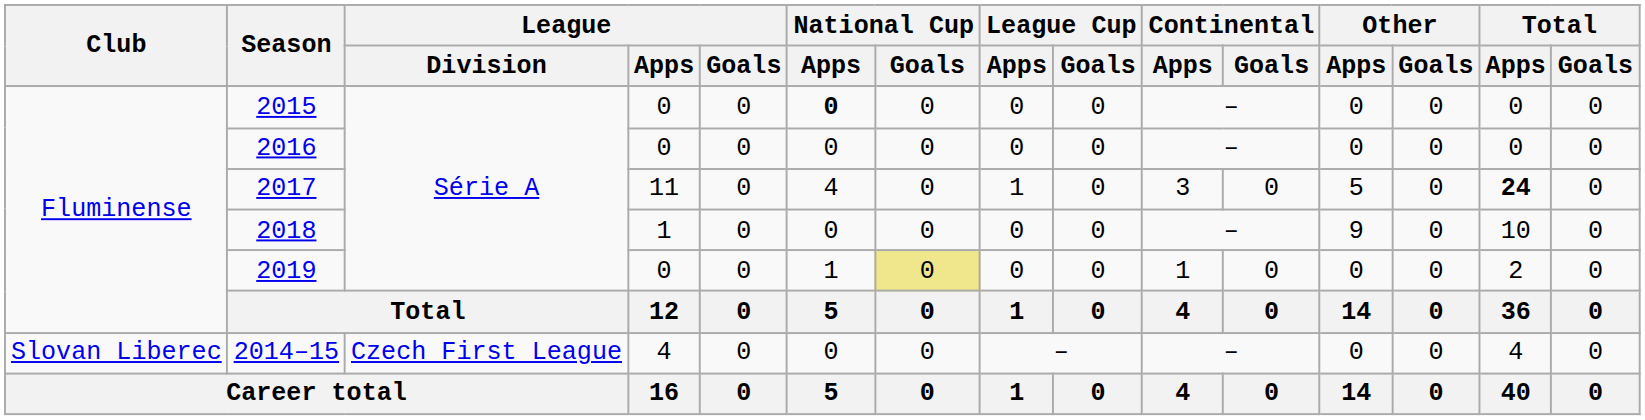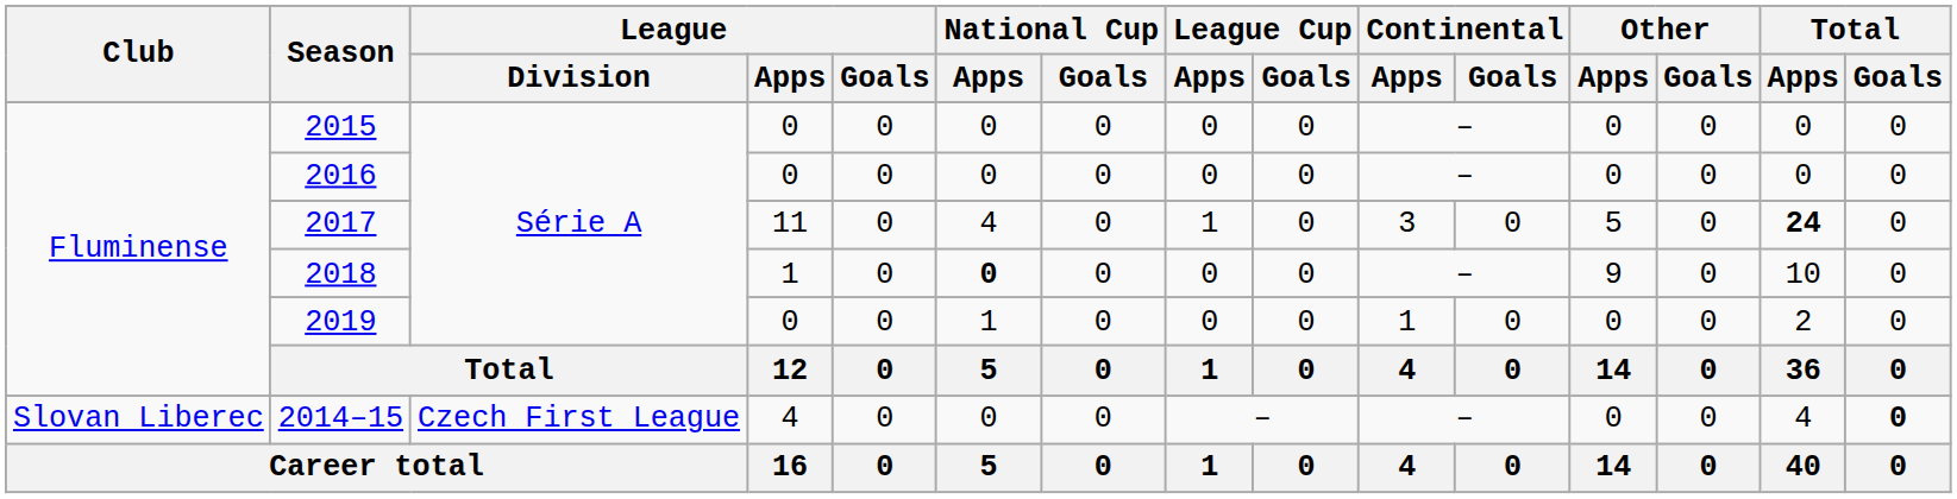 <table class="wikitable" style="text-align: center">
 <tr>
 <th rowspan="2">Club</th>
 <th rowspan="2">Season</th>
 <th colspan="3">League</th>
 <th colspan="2">National Cup</th>
 <th colspan="2">League Cup</th>
 <th colspan="2">Continental</th>
 <th colspan="2">Other</th>
 <th colspan="2">Total</th>
 </tr>
 <tr>
 <th>Division</th>
 <th>Apps</th>
 <th>Goals</th>
 <th>Apps</th>
 <th>Goals</th>
 <th>Apps</th>
 <th>Goals</th>
 <th>Apps</th>
 <th>Goals</th>
 <th>Apps</th>
 <th>Goals</th>
 <th>Apps</th>
 <th>Goals</th>
 </tr>
 <tr>
 <td rowspan="6"><a href='#'>Fluminense</a></td>
 <td><a href='#'>2015</a></td>
 <td rowspan="5"><a href='#'>Série A</a></td>
 <td>0</td>
 <td>0</td>
-<td><strong>0</strong></td>
+<td>0</td>
 <td>0</td>
 <td>0</td>
 <td>0</td>
 <td colspan="2">–</td>
 <td>0</td>
 <td>0</td>
 <td>0</td>
 <td>0</td>
 </tr>
 <tr>
 <td><a href='#'>2016</a></td>
 <td>0</td>
 <td>0</td>
 <td>0</td>
 <td>0</td>
 <td>0</td>
 <td>0</td>
 <td colspan="2">–</td>
 <td>0</td>
 <td>0</td>
 <td>0</td>
 <td>0</td>
 </tr>
 <tr>
 <td><a href='#'>2017</a></td>
 <td>11</td>
 <td>0</td>
 <td>4</td>
 <td>0</td>
 <td>1</td>
 <td>0</td>
 <td>3</td>
 <td>0</td>
 <td>5</td>
 <td>0</td>
 <td><strong>24</strong></td>
 <td>0</td>
 </tr>
 <tr>
 <td><a href='#'>2018</a></td>
 <td>1</td>
 <td>0</td>
-<td>0</td>
+<td><strong>0</strong></td>
 <td>0</td>
 <td>0</td>
 <td>0</td>
 <td colspan="2">–</td>
 <td>9</td>
 <td>0</td>
 <td>10</td>
 <td>0</td>
 </tr>
 <tr>
 <td><a href='#'>2019</a></td>
 <td>0</td>
 <td>0</td>
 <td>1</td>
-<td style="background: khaki;">0</td>
+<td>0</td>
 <td>0</td>
 <td>0</td>
 <td>1</td>
 <td>0</td>
 <td>0</td>
 <td>0</td>
 <td>2</td>
 <td>0</td>
 </tr>
 <tr>
 <th colspan="2"><strong>Total</strong></th>
 <th>12</th>
 <th>0</th>
 <th>5</th>
 <th>0</th>
 <th>1</th>
 <th>0</th>
 <th>4</th>
 <th>0</th>
 <th>14</th>
 <th>0</th>
 <th>36</th>
 <th>0</th>
 </tr>
 <tr>
 <td><a href='#'>Slovan Liberec</a></td>
 <td><a href='#'>2014–15</a></td>
 <td><a href='#'>Czech First League</a></td>
 <td>4</td>
 <td>0</td>
 <td>0</td>
 <td>0</td>
 <td colspan="2">–</td>
 <td colspan="2">–</td>
 <td>0</td>
 <td>0</td>
 <td>4</td>
-<td>0</td>
+<td><strong>0</strong></td>
 </tr>
 <tr>
 <th colspan="3"><strong>Career total</strong></th>
 <th>16</th>
 <th>0</th>
 <th>5</th>
 <th>0</th>
 <th>1</th>
 <th>0</th>
 <th>4</th>
 <th>0</th>
 <th>14</th>
 <th>0</th>
 <th>40</th>
 <th>0</th>
 </tr>
 </table>
